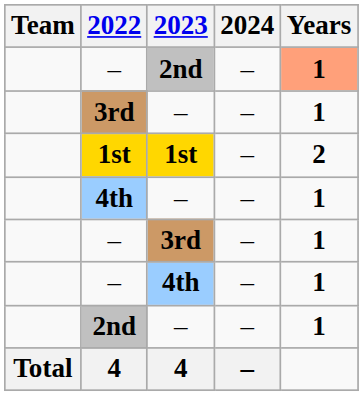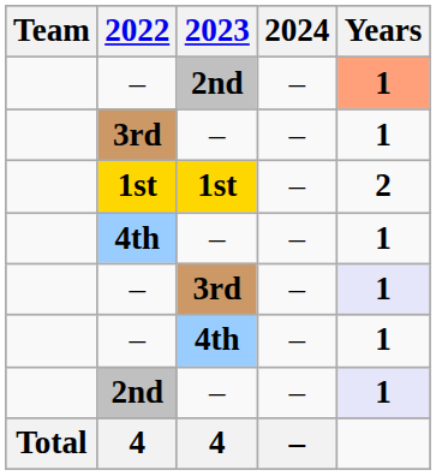 <table class="wikitable" style="text-align:center">
 <tr>
 <th>Team</th>
 <th><a href='#'>2022</a></th>
 <th><a href='#'>2023</a></th>
 <th>2024</th>
 <th>Years</th>
 </tr>
 <tr>
 <td align=left></td>
 <td>–</td>
 <td style="background:silver"><strong>2nd</strong></td>
 <td>–</td>
 <td style="background: lightsalmon;"><strong>1</strong></td>
 </tr>
 <tr>
 <td align=left></td>
 <td style="background:#cc9966"><strong>3rd</strong></td>
 <td>–</td>
 <td>–</td>
 <td><strong>1</strong></td>
 </tr>
 <tr>
 <td align=left></td>
 <td style="background:gold"><strong>1st</strong></td>
 <td style="background:gold"><strong>1st</strong></td>
 <td>–</td>
 <td><strong>2</strong></td>
 </tr>
 <tr>
 <td align=left></td>
 <td style="background:#9acdff"><strong>4th</strong></td>
 <td>–</td>
 <td>–</td>
 <td><strong>1</strong></td>
 </tr>
 <tr>
 <td align=left></td>
 <td>–</td>
 <td style="background:#cc9966"><strong>3rd</strong></td>
 <td>–</td>
-<td><strong>1</strong></td>
+<td style="background: lavender;"><strong>1</strong></td>
 </tr>
 <tr>
 <td align=left></td>
 <td>–</td>
 <td style="background:#9acdff"><strong>4th</strong></td>
 <td>–</td>
 <td><strong>1</strong></td>
 </tr>
 <tr>
 <td align=left></td>
 <td style="background:silver"><strong>2nd</strong></td>
 <td>–</td>
 <td>–</td>
-<td><strong>1</strong></td>
+<td style="background: lavender;"><strong>1</strong></td>
 </tr>
 <tr>
 <th>Total</th>
 <th>4</th>
 <th>4</th>
 <th>–</th>
 </tr>
 </table>
